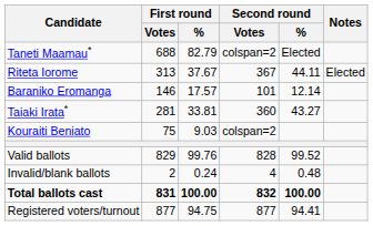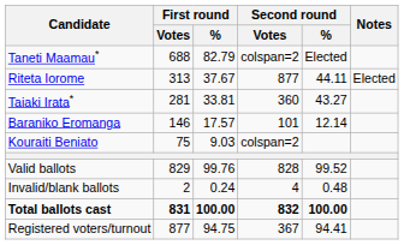 <table class=wikitable style=text-align:right>
 <tr>
 <th rowspan=2>Candidate</th>
 <th colspan=2>First round</th>
 <th colspan=2>Second round</th>
 <th rowspan=2>Notes</th>
 </tr>
 <tr>
 <th>Votes</th>
 <th>%</th>
 <th>Votes</th>
 <th>%</th>
 </tr>
 <tr>
 <td align=left><a href='#'>Taneti Maamau</a><sup>*</sup></td>
 <td>688</td>
 <td>82.79</td>
 <td>colspan=2 </td>
 <td>Elected</td>
 </tr>
 <tr>
 <td align=left><a href='#'>Riteta Iorome</a></td>
 <td>313</td>
 <td>37.67</td>
-<td>367</td>
+<td>877</td>
 <td>44.11</td>
 <td>Elected</td>
+</tr>
+<tr>
+<td align=left><a href='#'>Taiaki Irata</a><sup>*</sup></td>
+<td>281</td>
+<td>33.81</td>
+<td>360</td>
+<td>43.27</td>
+<td></td>
 </tr>
 <tr>
 <td align=left><a href='#'>Baraniko Eromanga</a></td>
 <td>146</td>
 <td>17.57</td>
 <td>101</td>
 <td>12.14</td>
-<td></td>
-</tr>
-<tr>
-<td align=left><a href='#'>Taiaki Irata</a><sup>*</sup></td>
-<td>281</td>
-<td>33.81</td>
-<td>360</td>
-<td>43.27</td>
 <td></td>
 </tr>
 <tr>
 <td align=left><a href='#'>Kouraiti Beniato</a></td>
 <td>75</td>
 <td>9.03</td>
 <td>colspan=2 </td>
 <td></td>
 </tr>
 <tr>
 <th colspan=6></th>
 </tr>
 <tr>
 <td align=left>Valid ballots</td>
 <td>829</td>
 <td>99.76</td>
 <td>828</td>
 <td>99.52</td>
 <td></td>
 </tr>
 <tr>
 <td align=left>Invalid/blank ballots</td>
 <td>2</td>
 <td>0.24</td>
 <td>4</td>
 <td>0.48</td>
 <td></td>
 </tr>
 <tr style="font-weight:bold">
 <td align=left>Total ballots cast</td>
 <td>831</td>
 <td>100.00</td>
 <td>832</td>
 <td>100.00</td>
 <td></td>
 </tr>
 <tr>
 <td align=left>Registered voters/turnout</td>
 <td>877</td>
 <td>94.75</td>
-<td>877</td>
+<td>367</td>
 <td>94.41</td>
 <td></td>
 </tr>
 </table>
